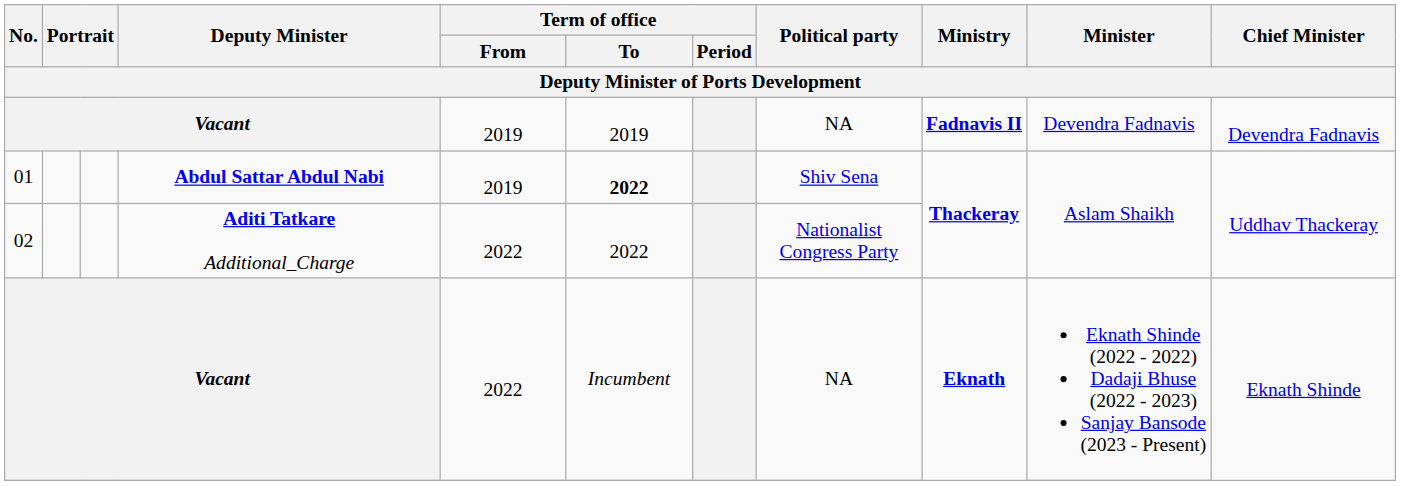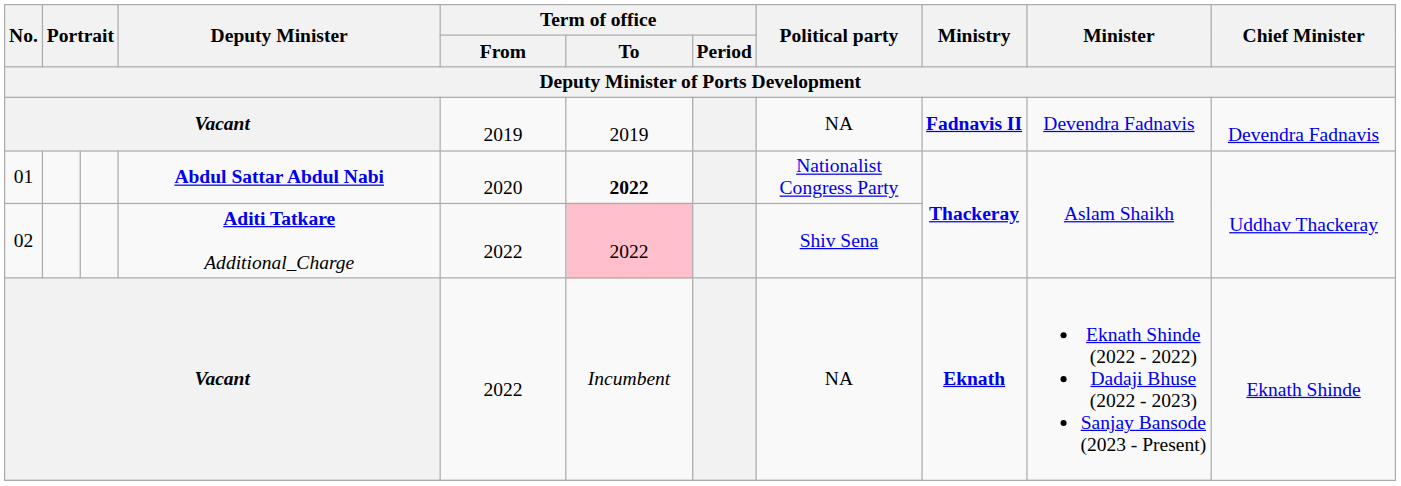 <table class="wikitable" style="text-align:center">
 <tr>
 <th rowspan="2">No.</th>
 <th rowspan="2" colspan="2">Portrait</th>
 <th rowspan="2" style="width:16em">Deputy Minister<br></th>
 <th colspan="3">Term of office</th>
 <th rowspan="2" style="width:8em">Political party</th>
 <th rowspan="2">Ministry</th>
 <th rowspan="2" style="width:9em">Minister</th>
 <th rowspan="2" style="width:9em">Chief Minister</th>
 </tr>
 <tr>
 <th style="width:6em">From</th>
 <th style="width:6em">To</th>
 <th>Period</th>
 </tr>
 <tr>
 <th colspan="11">Deputy Minister of Ports Development</th>
 </tr>
 <tr>
 <th colspan="04"><strong><em> Vacant</em></strong></th>
 <td><br>2019</td>
 <td><br>2019</td>
 <th></th>
 <td>NA</td>
 <td rowspan="1"><a href='#'><strong>Fadnavis II</strong></a></td>
 <td><a href='#'>Devendra Fadnavis</a></td>
 <td rowspan="1"> <br><a href='#'>Devendra Fadnavis</a></td>
 </tr>
 <tr>
 <td>01</td>
 <td style="color:inherit;background:"></td>
 <td></td>
 <td><strong><a href='#'>Abdul Sattar Abdul Nabi</a></strong> <br> </td>
-<td><br>2019</td>
+<td><br>2020</td>
 <td><strong><br>2022</strong></td>
 <th></th>
-<td><a href='#'>Shiv Sena</a></td>
+<td><a href='#'>Nationalist Congress Party</a></td>
 <td rowspan="2"><a href='#'><strong>Thackeray</strong></a></td>
 <td rowspan="2"><a href='#'>Aslam Shaikh</a></td>
 <td rowspan="2"> <br><a href='#'>Uddhav Thackeray</a></td>
 </tr>
 <tr>
 <td>02</td>
 <td style="color:inherit;background:"></td>
 <td></td>
 <td><strong><a href='#'>Aditi Tatkare</a></strong> <br> <br><em>Additional_Charge</em></td>
 <td><br>2022</td>
-<td><br>2022</td>
+<td style="background: pink;"><br>2022</td>
 <th></th>
-<td><a href='#'>Nationalist Congress Party</a></td>
+<td><a href='#'>Shiv Sena</a></td>
 </tr>
 <tr>
 <th colspan="04"><strong><em>Vacant</em></strong></th>
 <td><br>2022</td>
 <td><em>Incumbent</em></td>
 <th></th>
 <td>NA</td>
 <td rowspan="2"><a href='#'><strong>Eknath</strong></a></td>
 <td><br><ul><li><a href='#'>Eknath Shinde</a><br>(2022 - 2022)</li><li><a href='#'>Dadaji Bhuse</a><br> (2022 - 2023)</li><li><a href='#'>Sanjay Bansode</a><br> (2023 - Present)</li></ul></td>
 <td rowspan="2"> <br><a href='#'>Eknath Shinde</a></td>
 </tr>
 <tr>
 </tr>
 </table>
